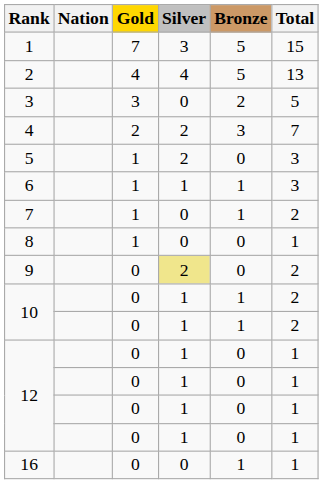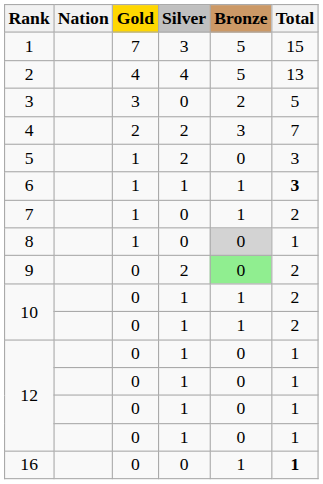 <table class="wikitable sortable" style="text-align:center">
 <tr>
 <th>Rank</th>
 <th>Nation</th>
 <th style="background-color:gold">Gold</th>
 <th style="background-color:silver">Silver</th>
 <th style="background-color:#cc9966">Bronze</th>
 <th>Total</th>
 </tr>
 <tr>
 <td>1</td>
 <td align=left></td>
 <td>7</td>
 <td>3</td>
 <td>5</td>
 <td>15</td>
 </tr>
 <tr>
 <td>2</td>
 <td align=left></td>
 <td>4</td>
 <td>4</td>
 <td>5</td>
 <td>13</td>
 </tr>
 <tr>
 <td>3</td>
 <td align=left></td>
 <td>3</td>
 <td>0</td>
 <td>2</td>
 <td>5</td>
 </tr>
 <tr>
 <td>4</td>
 <td align=left></td>
 <td>2</td>
 <td>2</td>
 <td>3</td>
 <td>7</td>
 </tr>
 <tr>
 <td>5</td>
 <td align=left></td>
 <td>1</td>
 <td>2</td>
 <td>0</td>
 <td>3</td>
 </tr>
 <tr>
 <td>6</td>
 <td align=left></td>
 <td>1</td>
 <td>1</td>
 <td>1</td>
-<td>3</td>
+<td><strong>3</strong></td>
 </tr>
 <tr>
 <td>7</td>
 <td align=left></td>
 <td>1</td>
 <td>0</td>
 <td>1</td>
 <td>2</td>
 </tr>
 <tr>
 <td>8</td>
 <td align=left></td>
 <td>1</td>
 <td>0</td>
-<td>0</td>
+<td style="background: lightgrey;">0</td>
 <td>1</td>
 </tr>
 <tr>
 <td>9</td>
 <td align=left></td>
 <td>0</td>
-<td style="background: khaki;">2</td>
-<td>0</td>
+<td>2</td>
+<td style="background: lightgreen;">0</td>
 <td>2</td>
 </tr>
 <tr>
 <td rowspan=2>10</td>
 <td align=left></td>
 <td>0</td>
 <td>1</td>
 <td>1</td>
 <td>2</td>
 </tr>
 <tr>
 <td align=left></td>
 <td>0</td>
 <td>1</td>
 <td>1</td>
 <td>2</td>
 </tr>
 <tr>
 <td rowspan=4>12</td>
 <td align=left></td>
 <td>0</td>
 <td>1</td>
 <td>0</td>
 <td>1</td>
 </tr>
 <tr>
 <td align=left></td>
 <td>0</td>
 <td>1</td>
 <td>0</td>
 <td>1</td>
 </tr>
 <tr>
 <td align=left></td>
 <td>0</td>
 <td>1</td>
 <td>0</td>
 <td>1</td>
 </tr>
 <tr>
 <td align=left></td>
 <td>0</td>
 <td>1</td>
 <td>0</td>
 <td>1</td>
 </tr>
 <tr>
 <td>16</td>
 <td align=left></td>
 <td>0</td>
 <td>0</td>
 <td>1</td>
-<td>1</td>
+<td><strong>1</strong></td>
 </tr>
 </table>
